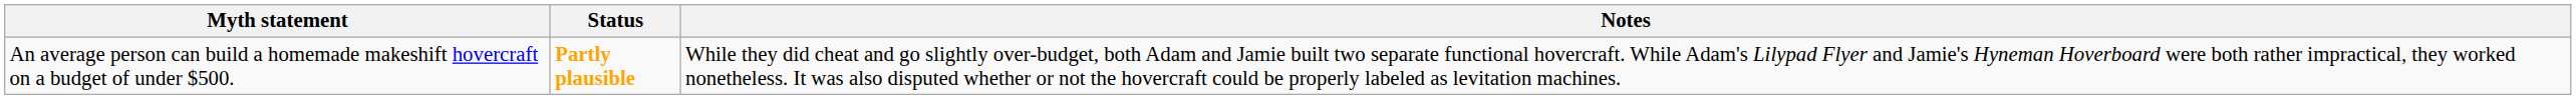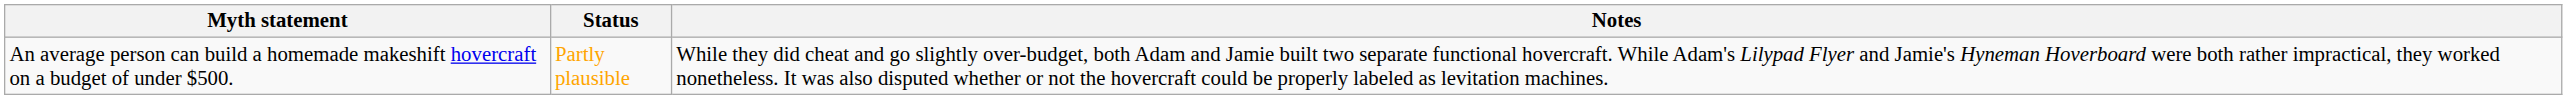 <table class="wikitable plainrowheaders">
 <tr>
 <th>Myth statement</th>
 <th>Status</th>
 <th>Notes</th>
 </tr>
 <tr>
 <td>An average person can build a homemade makeshift <a href='#'>hovercraft</a> on a budget of under $500.</td>
-<td style="color:orange"><strong>Partly plausible</strong></td>
+<td style="color:orange">Partly plausible</td>
 <td>While they did cheat and go slightly over-budget, both Adam and Jamie built two separate functional hovercraft. While Adam's <em>Lilypad Flyer</em> and Jamie's <em>Hyneman Hoverboard</em> were both rather impractical, they worked nonetheless. It was also disputed whether or not the hovercraft could be properly labeled as levitation machines.</td>
 </tr>
 </table>
